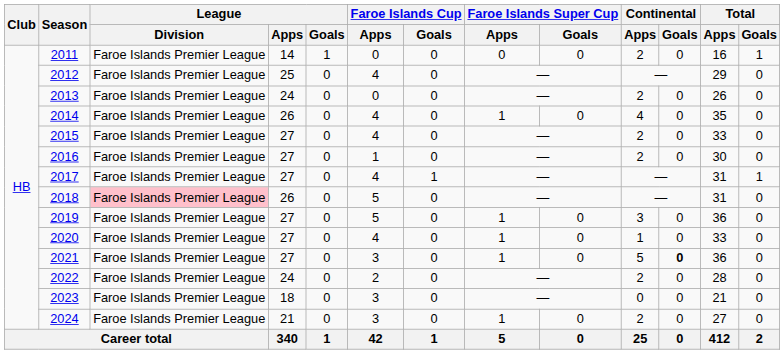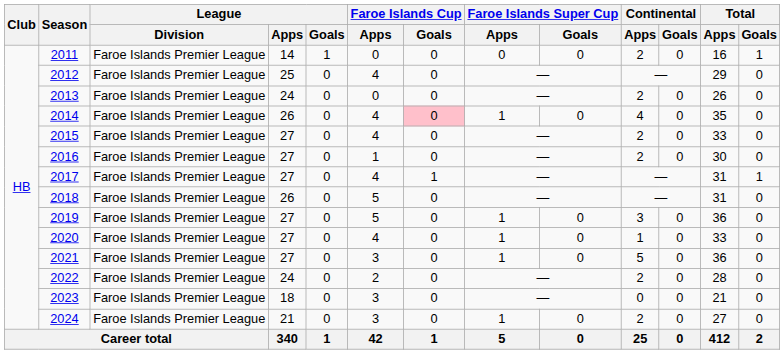 <table class="wikitable" style="text-align: center;">
 <tr>
 <th rowspan="2">Club</th>
 <th rowspan="2">Season</th>
 <th colspan="3">League</th>
 <th colspan="2"><a href='#'>Faroe Islands Cup</a></th>
 <th colspan="2"><a href='#'>Faroe Islands Super Cup</a></th>
 <th colspan="2">Continental</th>
 <th colspan="2">Total</th>
 </tr>
 <tr>
 <th>Division</th>
 <th>Apps</th>
 <th>Goals</th>
 <th>Apps</th>
 <th>Goals</th>
 <th>Apps</th>
 <th>Goals</th>
 <th>Apps</th>
 <th>Goals</th>
 <th>Apps</th>
 <th>Goals</th>
 </tr>
 <tr>
 <td rowspan="14"><a href='#'>HB</a></td>
 <td><a href='#'>2011</a></td>
 <td>Faroe Islands Premier League</td>
 <td>14</td>
 <td>1</td>
 <td>0</td>
 <td>0</td>
 <td>0</td>
 <td>0</td>
 <td>2</td>
 <td>0</td>
 <td>16</td>
 <td>1</td>
 </tr>
 <tr>
 <td><a href='#'>2012</a></td>
 <td>Faroe Islands Premier League</td>
 <td>25</td>
 <td>0</td>
 <td>4</td>
 <td>0</td>
 <td colspan="2">—</td>
 <td colspan="2">—</td>
 <td>29</td>
 <td>0</td>
 </tr>
 <tr>
 <td><a href='#'>2013</a></td>
 <td>Faroe Islands Premier League</td>
 <td>24</td>
 <td>0</td>
 <td>0</td>
 <td>0</td>
 <td colspan="2">—</td>
 <td>2</td>
 <td>0</td>
 <td>26</td>
 <td>0</td>
 </tr>
 <tr>
 <td><a href='#'>2014</a></td>
 <td>Faroe Islands Premier League</td>
 <td>26</td>
 <td>0</td>
 <td>4</td>
-<td>0</td>
+<td style="background: pink;">0</td>
 <td>1</td>
 <td>0</td>
 <td>4</td>
 <td>0</td>
 <td>35</td>
 <td>0</td>
 </tr>
 <tr>
 <td><a href='#'>2015</a></td>
 <td>Faroe Islands Premier League</td>
 <td>27</td>
 <td>0</td>
 <td>4</td>
 <td>0</td>
 <td colspan="2">—</td>
 <td>2</td>
 <td>0</td>
 <td>33</td>
 <td>0</td>
 </tr>
 <tr>
 <td><a href='#'>2016</a></td>
 <td>Faroe Islands Premier League</td>
 <td>27</td>
 <td>0</td>
 <td>1</td>
 <td>0</td>
 <td colspan="2">—</td>
 <td>2</td>
 <td>0</td>
 <td>30</td>
 <td>0</td>
 </tr>
 <tr>
 <td><a href='#'>2017</a></td>
 <td>Faroe Islands Premier League</td>
 <td>27</td>
 <td>0</td>
 <td>4</td>
 <td>1</td>
 <td colspan="2">—</td>
 <td colspan="2">—</td>
 <td>31</td>
 <td>1</td>
 </tr>
 <tr>
 <td><a href='#'>2018</a></td>
-<td style="background: pink;">Faroe Islands Premier League</td>
+<td>Faroe Islands Premier League</td>
 <td>26</td>
 <td>0</td>
 <td>5</td>
 <td>0</td>
 <td colspan="2">—</td>
 <td colspan="2">—</td>
 <td>31</td>
 <td>0</td>
 </tr>
 <tr>
 <td><a href='#'>2019</a></td>
 <td>Faroe Islands Premier League</td>
 <td>27</td>
 <td>0</td>
 <td>5</td>
 <td>0</td>
 <td>1</td>
 <td>0</td>
 <td>3</td>
 <td>0</td>
 <td>36</td>
 <td>0</td>
 </tr>
 <tr>
 <td><a href='#'>2020</a></td>
 <td>Faroe Islands Premier League</td>
 <td>27</td>
 <td>0</td>
 <td>4</td>
 <td>0</td>
 <td>1</td>
 <td>0</td>
 <td>1</td>
 <td>0</td>
 <td>33</td>
 <td>0</td>
 </tr>
 <tr>
 <td><a href='#'>2021</a></td>
 <td>Faroe Islands Premier League</td>
 <td>27</td>
 <td>0</td>
 <td>3</td>
 <td>0</td>
 <td>1</td>
 <td>0</td>
 <td>5</td>
-<td><strong>0</strong></td>
+<td>0</td>
 <td>36</td>
 <td>0</td>
 </tr>
 <tr>
 <td><a href='#'>2022</a></td>
 <td>Faroe Islands Premier League</td>
 <td>24</td>
 <td>0</td>
 <td>2</td>
 <td>0</td>
 <td colspan="2">—</td>
 <td>2</td>
 <td>0</td>
 <td>28</td>
 <td>0</td>
 </tr>
 <tr>
 <td><a href='#'>2023</a></td>
 <td>Faroe Islands Premier League</td>
 <td>18</td>
 <td>0</td>
 <td>3</td>
 <td>0</td>
 <td colspan="2">—</td>
 <td>0</td>
 <td>0</td>
 <td>21</td>
 <td>0</td>
 </tr>
 <tr>
 <td><a href='#'>2024</a></td>
 <td>Faroe Islands Premier League</td>
 <td>21</td>
 <td>0</td>
 <td>3</td>
 <td>0</td>
 <td>1</td>
 <td>0</td>
 <td>2</td>
 <td>0</td>
 <td>27</td>
 <td>0</td>
 </tr>
 <tr>
 <th colspan="3">Career total</th>
 <th>340</th>
 <th>1</th>
 <th>42</th>
 <th>1</th>
 <th>5</th>
 <th>0</th>
 <th>25</th>
 <th>0</th>
 <th>412</th>
 <th>2</th>
 </tr>
 </table>
